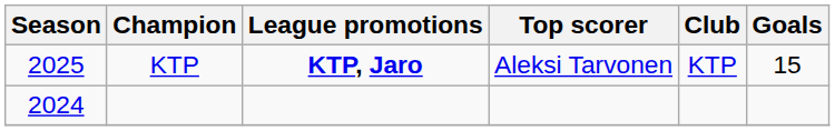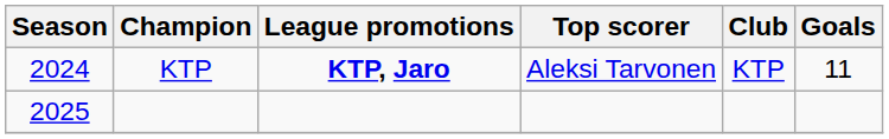 <table class="wikitable" style="margin: 0;">
 <tr>
 <th>Season</th>
 <th>Champion</th>
 <th>League promotions</th>
 <th>Top scorer</th>
 <th>Club</th>
 <th>Goals</th>
 </tr>
 <tr>
-<td align=center><a href='#'>2025</a></td>
+<td align=center><a href='#'>2024</a></td>
 <td align=center><a href='#'>KTP</a></td>
 <td align=center><strong><a href='#'>KTP</a>, <a href='#'>Jaro</a></strong></td>
 <td align=center> <a href='#'>Aleksi Tarvonen</a></td>
 <td align=center><a href='#'>KTP</a></td>
-<td align=center>15</td>
+<td align=center>11</td>
 </tr>
 <tr>
-<td align=center><a href='#'>2024</a></td>
+<td align=center><a href='#'>2025</a></td>
 <td></td>
 <td></td>
 <td></td>
 <td></td>
 <td></td>
 </tr>
 <tr>
 </tr>
 </table>
